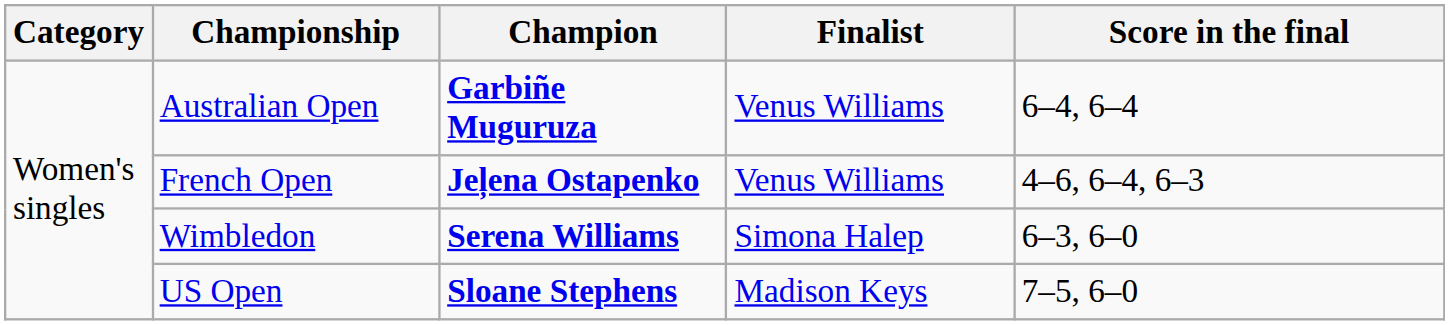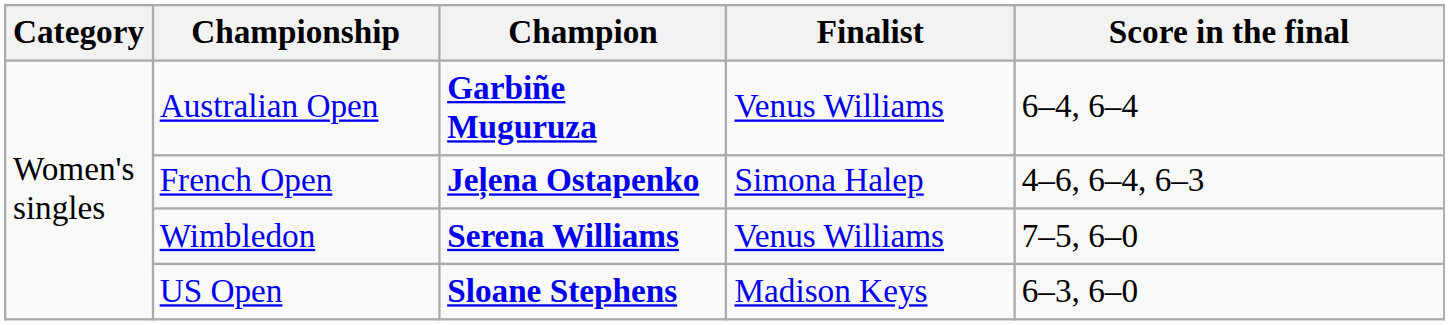 <table class="wikitable" style="font-size:90%;" width=100%>
 <tr>
 <th style="width: 10%;">Category</th>
 <th style="width: 20%;">Championship</th>
 <th style="width: 20%;">Champion</th>
 <th style="width: 20%;">Finalist</th>
 <th style="width: 30%;">Score in the final</th>
 </tr>
 <tr>
 <td rowspan="4">Women's singles</td>
 <td><a href='#'>Australian Open</a></td>
 <td><strong> <a href='#'>Garbiñe Muguruza</a></strong></td>
 <td> <a href='#'>Venus Williams</a></td>
 <td>6–4, 6–4</td>
 </tr>
 <tr>
 <td><a href='#'>French Open</a></td>
 <td><strong> <a href='#'>Jeļena Ostapenko</a></strong></td>
-<td> <a href='#'>Venus Williams</a></td>
+<td> <a href='#'>Simona Halep</a></td>
 <td>4–6, 6–4, 6–3</td>
 </tr>
 <tr>
 <td><a href='#'>Wimbledon</a></td>
 <td><strong> <a href='#'>Serena Williams</a></strong></td>
-<td> <a href='#'>Simona Halep</a></td>
-<td>6–3, 6–0</td>
+<td> <a href='#'>Venus Williams</a></td>
+<td>7–5, 6–0</td>
 </tr>
 <tr>
 <td><a href='#'>US Open</a></td>
 <td><strong> <a href='#'>Sloane Stephens</a></strong></td>
 <td> <a href='#'>Madison Keys</a></td>
-<td>7–5, 6–0</td>
+<td>6–3, 6–0</td>
 </tr>
 </table>
